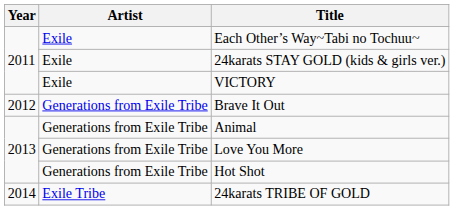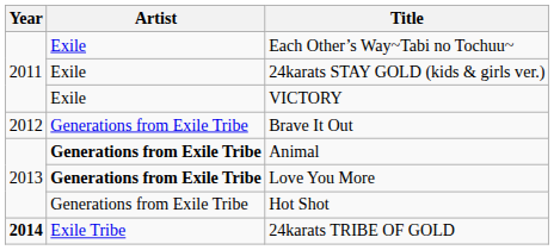 <table class="wikitable">
 <tr>
 <th>Year</th>
 <th>Artist</th>
 <th>Title</th>
 </tr>
 <tr>
 <td rowspan="3">2011</td>
 <td><a href='#'>Exile</a></td>
 <td>Each Other’s Way~Tabi no Tochuu~</td>
 </tr>
 <tr>
 <td>Exile</td>
 <td>24karats STAY GOLD (kids & girls ver.)</td>
 </tr>
 <tr>
 <td>Exile</td>
 <td>VICTORY</td>
 </tr>
 <tr>
 <td>2012</td>
 <td><a href='#'>Generations from Exile Tribe</a></td>
 <td>Brave It Out</td>
 </tr>
 <tr>
 <td rowspan="3">2013</td>
-<td>Generations from Exile Tribe</td>
+<td><strong>Generations from Exile Tribe</strong></td>
 <td>Animal</td>
 </tr>
 <tr>
-<td>Generations from Exile Tribe</td>
+<td><strong>Generations from Exile Tribe</strong></td>
 <td>Love You More</td>
 </tr>
 <tr>
 <td>Generations from Exile Tribe</td>
 <td>Hot Shot<br></td>
 </tr>
 <tr>
-<td>2014</td>
+<td><strong>2014</strong></td>
 <td><a href='#'>Exile Tribe</a></td>
 <td>24karats TRIBE OF GOLD</td>
 </tr>
 </table>
